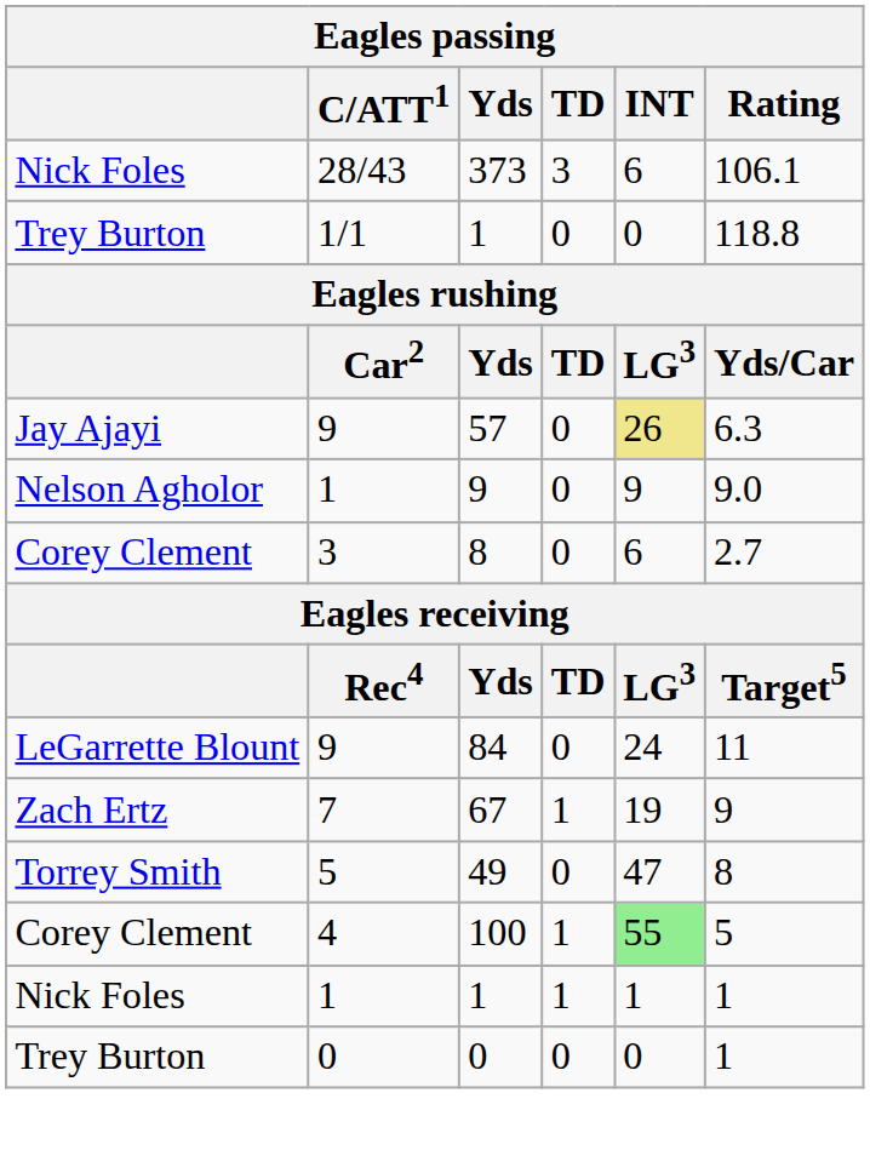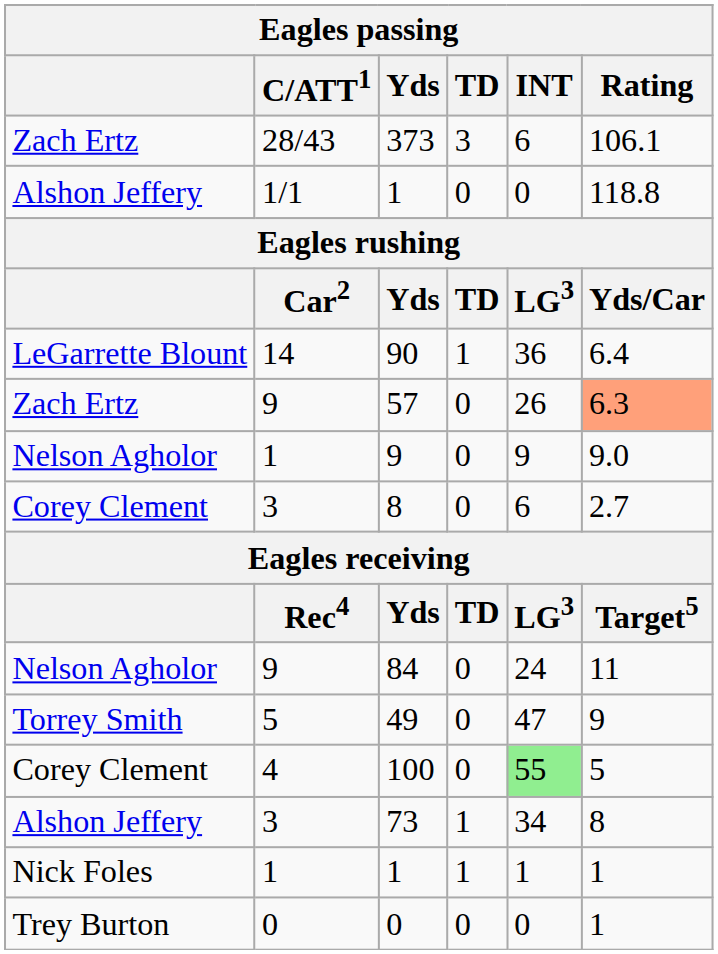 <table class="wikitable">
 <tr>
 <th colspan="6">Eagles passing</th>
 </tr>
 <tr>
 <th></th>
 <th>C/ATT<sup>1</sup></th>
 <th>Yds</th>
 <th>TD</th>
 <th>INT</th>
 <th>Rating</th>
 </tr>
 <tr>
-<td><a href='#'>Nick Foles</a></td>
+<td><a href='#'>Zach Ertz</a></td>
 <td>28/43</td>
 <td>373</td>
 <td>3</td>
 <td>6</td>
 <td>106.1</td>
 </tr>
 <tr>
-<td><a href='#'>Trey Burton</a></td>
+<td><a href='#'>Alshon Jeffery</a></td>
 <td>1/1</td>
 <td>1</td>
 <td>0</td>
 <td>0</td>
 <td>118.8</td>
 </tr>
 <tr>
 <th colspan="6">Eagles rushing</th>
 </tr>
 <tr>
 <th></th>
 <th>Car<sup>2</sup></th>
 <th>Yds</th>
 <th>TD</th>
 <th>LG<sup>3</sup></th>
 <th>Yds/Car</th>
 </tr>
 <tr>
-<td><a href='#'>Jay Ajayi</a></td>
+<td><a href='#'>LeGarrette Blount</a></td>
+<td>14</td>
+<td>90</td>
+<td>1</td>
+<td>36</td>
+<td>6.4</td>
+</tr>
+<tr>
+<td><a href='#'>Zach Ertz</a></td>
 <td>9</td>
 <td>57</td>
 <td>0</td>
-<td style="background: khaki;">26</td>
-<td>6.3</td>
+<td>26</td>
+<td style="background: lightsalmon;">6.3</td>
 </tr>
 <tr>
 <td><a href='#'>Nelson Agholor</a></td>
 <td>1</td>
 <td>9</td>
 <td>0</td>
 <td>9</td>
 <td>9.0</td>
 </tr>
 <tr>
 <td><a href='#'>Corey Clement</a></td>
 <td>3</td>
 <td>8</td>
 <td>0</td>
 <td>6</td>
 <td>2.7</td>
 </tr>
 <tr>
 <th colspan="6">Eagles receiving</th>
 </tr>
 <tr>
 <th></th>
 <th>Rec<sup>4</sup></th>
 <th>Yds</th>
 <th>TD</th>
 <th>LG<sup>3</sup></th>
 <th>Target<sup>5</sup></th>
 </tr>
 <tr>
-<td><a href='#'>LeGarrette Blount</a></td>
+<td><a href='#'>Nelson Agholor</a></td>
 <td>9</td>
 <td>84</td>
 <td>0</td>
 <td>24</td>
 <td>11</td>
 </tr>
 <tr>
-<td><a href='#'>Zach Ertz</a></td>
-<td>7</td>
-<td>67</td>
-<td>1</td>
-<td>19</td>
-<td>9</td>
-</tr>
-<tr>
 <td><a href='#'>Torrey Smith</a></td>
 <td>5</td>
 <td>49</td>
 <td>0</td>
 <td>47</td>
-<td>8</td>
+<td>9</td>
 </tr>
 <tr>
 <td>Corey Clement</td>
 <td>4</td>
 <td>100</td>
-<td>1</td>
+<td>0</td>
 <td style="background: lightgreen;">55</td>
 <td>5</td>
+</tr>
+<tr>
+<td><a href='#'>Alshon Jeffery</a></td>
+<td>3</td>
+<td>73</td>
+<td>1</td>
+<td>34</td>
+<td>8</td>
 </tr>
 <tr>
 <td>Nick Foles</td>
 <td>1</td>
 <td>1</td>
 <td>1</td>
 <td>1</td>
 <td>1</td>
 </tr>
 <tr>
 <td>Trey Burton</td>
 <td>0</td>
 <td>0</td>
 <td>0</td>
 <td>0</td>
 <td>1</td>
 </tr>
 </table>
